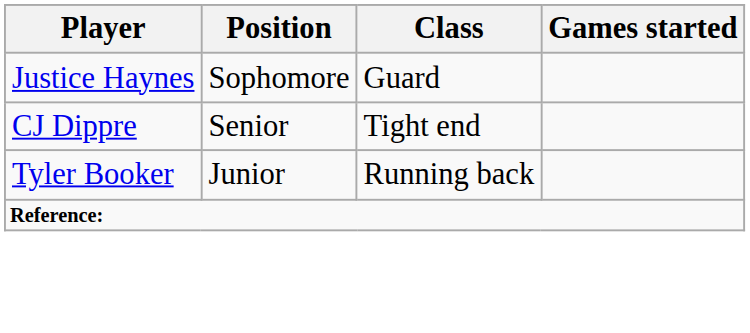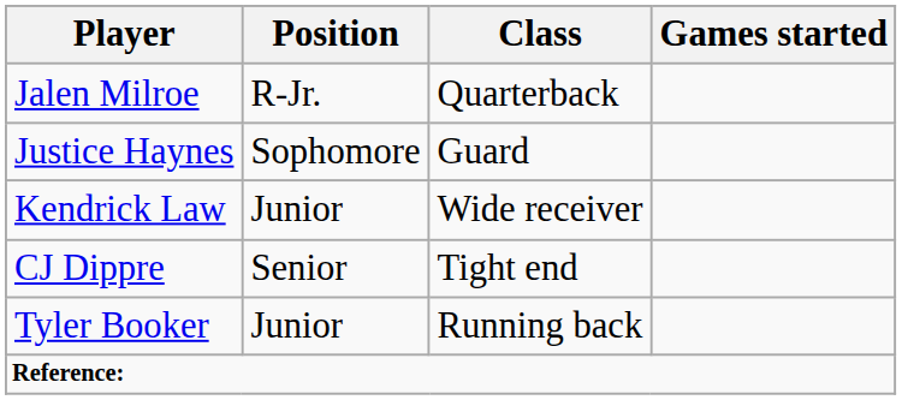 <table class="wikitable">
 <tr>
 <th style="text-align:center; ">Player</th>
 <th style="text-align:center; ">Position</th>
 <th style="text-align:center; ">Class</th>
 <th style="text-align:center; ">Games started</th>
 </tr>
 <tr>
+<td><a href='#'>Jalen Milroe</a></td>
+<td>R-Jr.</td>
+<td>Quarterback</td>
+<td></td>
+</tr>
+<tr>
 <td><a href='#'>Justice Haynes</a></td>
 <td>Sophomore</td>
 <td>Guard</td>
+<td></td>
+</tr>
+<tr>
+<td><a href='#'>Kendrick Law</a></td>
+<td>Junior</td>
+<td>Wide receiver</td>
 <td></td>
 </tr>
 <tr>
 <td><a href='#'>CJ Dippre</a></td>
 <td>Senior</td>
 <td>Tight end</td>
 <td></td>
 </tr>
 <tr>
 <td><a href='#'>Tyler Booker</a></td>
 <td>Junior</td>
 <td>Running back</td>
 <td></td>
 </tr>
 <tr>
 <td colspan="4"  style="font-size:8pt; text-align:left;"><strong>Reference:</strong></td>
 </tr>
 </table>
